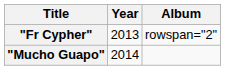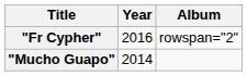 <table class="wikitable plainrowheaders" style="text-align:center;">
 <tr>
 <th scope="col" rowspan="1">Title</th>
 <th scope="col" rowspan="1">Year</th>
 <th scope="col" rowspan="1">Album</th>
 </tr>
 <tr>
 <th scope="row">"Fr Cypher"<br></th>
-<td>2013</td>
+<td>2016</td>
 <td>rowspan="2" </td>
 </tr>
 <tr>
 <th scope="row">"Mucho Guapo"<br></th>
 <td>2014</td>
 </tr>
 </table>
